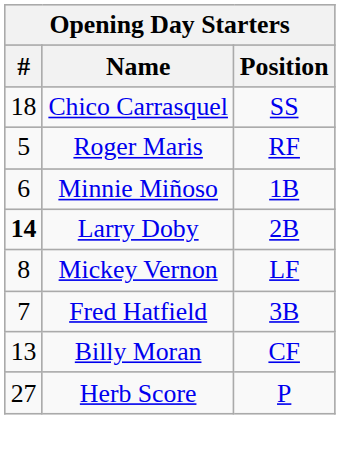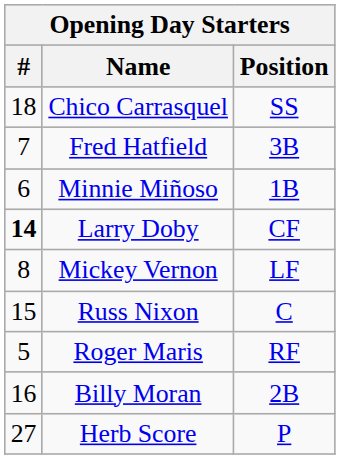 <table class="wikitable" style="text-align:center">
 <tr>
 <th colspan="3">Opening Day Starters</th>
 </tr>
 <tr>
 <th>#</th>
 <th>Name</th>
 <th>Position</th>
 </tr>
 <tr>
 <td>18</td>
 <td><a href='#'>Chico Carrasquel</a></td>
 <td><a href='#'>SS</a></td>
 </tr>
 <tr>
-<td>5</td>
-<td><a href='#'>Roger Maris</a></td>
-<td><a href='#'>RF</a></td>
+<td>7</td>
+<td><a href='#'>Fred Hatfield</a></td>
+<td><a href='#'>3B</a></td>
 </tr>
 <tr>
 <td>6</td>
 <td><a href='#'>Minnie Miñoso</a></td>
 <td><a href='#'>1B</a></td>
 </tr>
 <tr>
 <td><strong>14</strong></td>
 <td><a href='#'>Larry Doby</a></td>
-<td><a href='#'>2B</a></td>
+<td><a href='#'>CF</a></td>
 </tr>
 <tr>
 <td>8</td>
 <td><a href='#'>Mickey Vernon</a></td>
 <td><a href='#'>LF</a></td>
 </tr>
 <tr>
-<td>7</td>
-<td><a href='#'>Fred Hatfield</a></td>
-<td><a href='#'>3B</a></td>
+<td>15</td>
+<td><a href='#'>Russ Nixon</a></td>
+<td><a href='#'>C</a></td>
 </tr>
 <tr>
-<td>13</td>
+<td>5</td>
+<td><a href='#'>Roger Maris</a></td>
+<td><a href='#'>RF</a></td>
+</tr>
+<tr>
+<td>16</td>
 <td><a href='#'>Billy Moran</a></td>
-<td><a href='#'>CF</a></td>
+<td><a href='#'>2B</a></td>
 </tr>
 <tr>
 <td>27</td>
 <td><a href='#'>Herb Score</a></td>
 <td><a href='#'>P</a></td>
 </tr>
 </table>
